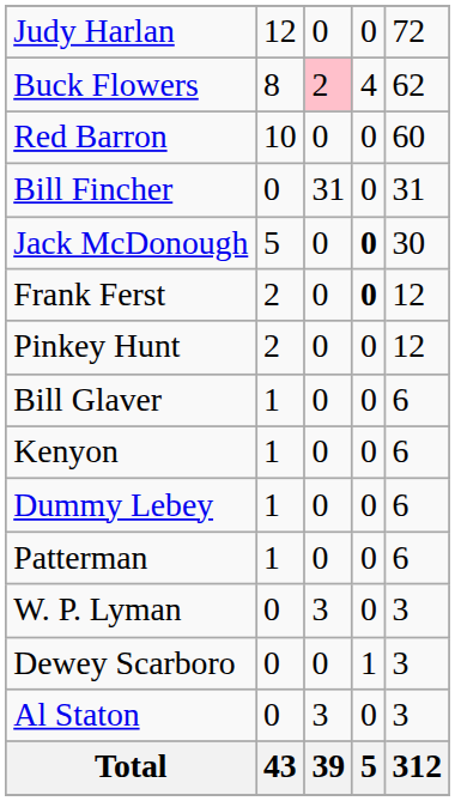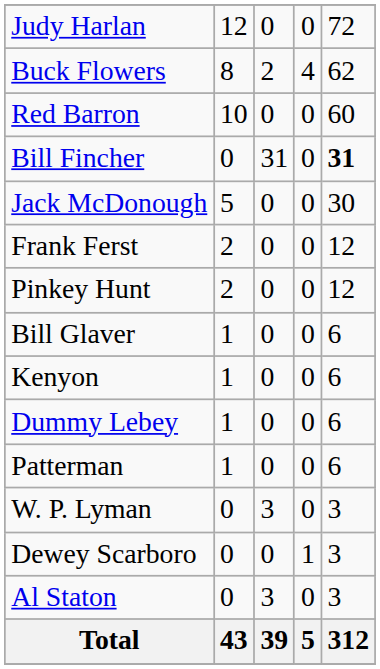 <table class="wikitable">
 <tr>
 </tr>
 <tr>
 <td><a href='#'>Judy Harlan</a></td>
 <td>12</td>
 <td>0</td>
 <td>0</td>
 <td>72</td>
 </tr>
 <tr>
 <td><a href='#'>Buck Flowers</a></td>
 <td>8</td>
-<td style="background: pink;">2</td>
+<td>2</td>
 <td>4</td>
 <td>62</td>
 </tr>
 <tr>
 <td><a href='#'>Red Barron</a></td>
 <td>10</td>
 <td>0</td>
 <td>0</td>
 <td>60</td>
 </tr>
 <tr>
 <td><a href='#'>Bill Fincher</a></td>
 <td>0</td>
 <td>31</td>
 <td>0</td>
-<td>31</td>
+<td><strong>31</strong></td>
 </tr>
 <tr>
 <td><a href='#'>Jack McDonough</a></td>
 <td>5</td>
 <td>0</td>
-<td><strong>0</strong></td>
+<td>0</td>
 <td>30</td>
 </tr>
 <tr>
 <td>Frank Ferst</td>
 <td>2</td>
 <td>0</td>
-<td><strong>0</strong></td>
+<td>0</td>
 <td>12</td>
 </tr>
 <tr>
 <td>Pinkey Hunt</td>
 <td>2</td>
 <td>0</td>
 <td>0</td>
 <td>12</td>
 </tr>
 <tr>
 <td>Bill Glaver</td>
 <td>1</td>
 <td>0</td>
 <td>0</td>
 <td>6</td>
 </tr>
 <tr>
 <td>Kenyon</td>
 <td>1</td>
 <td>0</td>
 <td>0</td>
 <td>6</td>
 </tr>
 <tr>
 <td><a href='#'>Dummy Lebey</a></td>
 <td>1</td>
 <td>0</td>
 <td>0</td>
 <td>6</td>
 </tr>
 <tr>
 <td>Patterman</td>
 <td>1</td>
 <td>0</td>
 <td>0</td>
 <td>6</td>
 </tr>
 <tr>
 <td>W. P. Lyman</td>
 <td>0</td>
 <td>3</td>
 <td>0</td>
 <td>3</td>
 </tr>
 <tr>
 <td>Dewey Scarboro</td>
 <td>0</td>
 <td>0</td>
 <td>1</td>
 <td>3</td>
 </tr>
 <tr>
 <td><a href='#'>Al Staton</a></td>
 <td>0</td>
 <td>3</td>
 <td>0</td>
 <td>3</td>
 </tr>
 <tr>
 <th>Total</th>
 <th>43</th>
 <th>39</th>
 <th>5</th>
 <th>312</th>
 </tr>
 <tr>
 </tr>
 </table>
